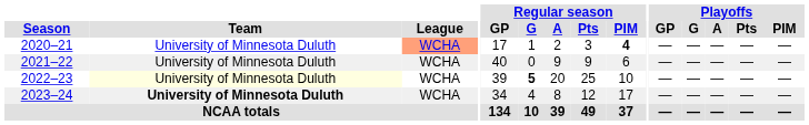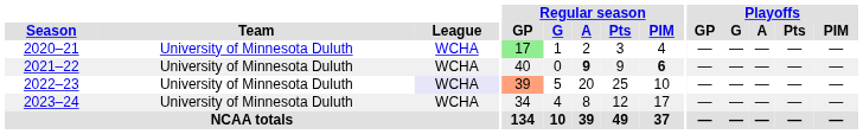 <table border="0" cellpadding="1" cellspacing="0" style="text-align:center; width:60em">
 <tr bgcolor="#e0e0e0">
 <th colspan="3" bgcolor="#ffffff"></th>
 <th rowspan="97" bgcolor="#ffffff"></th>
 <th colspan="5"><a href='#'>Regular season</a></th>
 <th rowspan="97" bgcolor="#ffffff"></th>
 <th colspan="5"><a href='#'>Playoffs</a></th>
 </tr>
 <tr bgcolor="#e0e0e0">
 <th><a href='#'>Season</a></th>
 <th>Team</th>
 <th>League</th>
 <th>GP</th>
 <th><a href='#'>G</a></th>
 <th><a href='#'>A</a></th>
 <th><a href='#'>Pts</a></th>
 <th><a href='#'>PIM</a></th>
 <th>GP</th>
 <th>G</th>
 <th>A</th>
 <th>Pts</th>
 <th>PIM</th>
 </tr>
 <tr>
 <td><a href='#'>2020–21</a></td>
 <td><a href='#'>University of Minnesota Duluth</a></td>
-<td style="background: lightsalmon;"><a href='#'>WCHA</a></td>
-<td>17</td>
+<td><a href='#'>WCHA</a></td>
+<td style="background: lightgreen;">17</td>
 <td>1</td>
 <td>2</td>
 <td>3</td>
-<td><strong>4</strong></td>
+<td>4</td>
 <td>—</td>
 <td>—</td>
 <td>—</td>
 <td>—</td>
 <td>—</td>
 </tr>
 <tr bgcolor="#f0f0f0">
 <td><a href='#'>2021–22</a></td>
 <td>University of Minnesota Duluth</td>
 <td>WCHA</td>
 <td>40</td>
 <td>0</td>
+<td><strong>9</strong></td>
 <td>9</td>
-<td>9</td>
-<td>6</td>
+<td><strong>6</strong></td>
 <td>—</td>
 <td>—</td>
 <td>—</td>
 <td>—</td>
 <td>—</td>
 </tr>
 <tr>
 <td><a href='#'>2022–23</a></td>
-<td style="background: lightyellow;">University of Minnesota Duluth</td>
-<td>WCHA</td>
-<td>39</td>
-<td><strong>5</strong></td>
+<td>University of Minnesota Duluth</td>
+<td style="background: lavender;">WCHA</td>
+<td style="background: lightsalmon;">39</td>
+<td>5</td>
 <td>20</td>
 <td>25</td>
 <td>10</td>
 <td>—</td>
 <td>—</td>
 <td>—</td>
 <td>—</td>
 <td>—</td>
 </tr>
 <tr bgcolor="#f0f0f0">
 <td><a href='#'>2023–24</a></td>
-<td><strong>University of Minnesota Duluth</strong></td>
+<td>University of Minnesota Duluth</td>
 <td>WCHA</td>
 <td>34</td>
 <td>4</td>
 <td>8</td>
 <td>12</td>
 <td>17</td>
 <td>—</td>
 <td>—</td>
 <td>—</td>
 <td>—</td>
 <td>—</td>
 </tr>
 <tr bgcolor="#e0e0e0">
 <th colspan="3">NCAA totals</th>
 <th>134</th>
 <th>10</th>
 <th>39</th>
 <th>49</th>
 <th>37</th>
 <th>—</th>
 <th>—</th>
 <th>—</th>
 <th>—</th>
 <th>—</th>
 </tr>
 </table>
